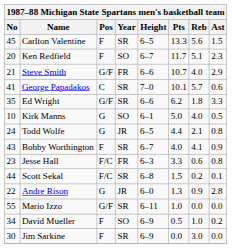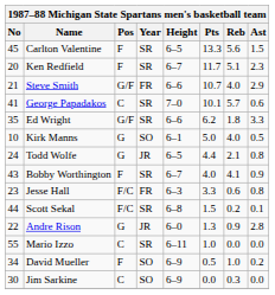 <table class="wikitable sortable" style="font-size: 90%" |->
 <tr>
 <th colspan=9 style=>1987–88 Michigan State Spartans men's basketball team</th>
 </tr>
 <tr>
 <th style="background:#">No</th>
 <th style="background:#">Name</th>
 <th style="background:#">Pos</th>
 <th style="background:#">Year</th>
 <th style="background:#">Height</th>
 <th style="background:#">Pts</th>
 <th style="background:#">Reb</th>
 <th style="background:#">Ast</th>
 </tr>
 <tr>
 <td>45</td>
 <td>Carlton Valentine</td>
 <td>F</td>
 <td>SR</td>
 <td>6–5</td>
 <td>13.3</td>
 <td>5.6</td>
 <td>1.5</td>
 </tr>
 <tr>
 <td>20</td>
 <td>Ken Redfield</td>
 <td>F</td>
-<td>SO</td>
+<td>SR</td>
 <td>6–7</td>
 <td>11.7</td>
 <td>5.1</td>
 <td>2.3</td>
 </tr>
 <tr>
 <td>21</td>
 <td><a href='#'>Steve Smith</a></td>
 <td>G/F</td>
 <td>FR</td>
 <td>6–6</td>
 <td>10.7</td>
 <td>4.0</td>
 <td>2.9</td>
 </tr>
 <tr>
 <td>41</td>
 <td><a href='#'>George Papadakos</a></td>
 <td>C</td>
 <td>SR</td>
 <td>7–0</td>
 <td>10.1</td>
 <td>5.7</td>
 <td>0.6</td>
 </tr>
 <tr>
 <td>35</td>
 <td>Ed Wright</td>
 <td>G/F</td>
 <td>SR</td>
 <td>6–6</td>
 <td>6.2</td>
 <td>1.8</td>
 <td>3.3</td>
 </tr>
 <tr>
 <td>10</td>
 <td>Kirk Manns</td>
 <td>G</td>
 <td>SO</td>
 <td>6–1</td>
 <td>5.0</td>
 <td>4.0</td>
 <td>0.5</td>
 </tr>
 <tr>
 <td>24</td>
 <td>Todd Wolfe</td>
 <td>G</td>
 <td>JR</td>
 <td>6–5</td>
 <td>4.4</td>
 <td>2.1</td>
 <td>0.8</td>
 </tr>
 <tr>
 <td>43</td>
 <td>Bobby Worthington</td>
 <td>F</td>
 <td>SR</td>
 <td>6–7</td>
 <td>4.0</td>
 <td>4.1</td>
 <td>0.9</td>
 </tr>
 <tr>
 <td>23</td>
 <td>Jesse Hall</td>
 <td>F/C</td>
 <td>FR</td>
 <td>6–3</td>
 <td>3.3</td>
 <td>0.6</td>
 <td>0.8</td>
 </tr>
 <tr>
 <td>44</td>
 <td>Scott Sekal</td>
 <td>F/C</td>
 <td>SR</td>
 <td>6–8</td>
 <td>1.5</td>
 <td>0.2</td>
 <td>0.1</td>
 </tr>
 <tr>
 <td>22</td>
 <td><a href='#'>Andre Rison</a></td>
 <td>G</td>
 <td>JR</td>
 <td>6–0</td>
 <td>1.3</td>
 <td>0.9</td>
 <td>2.8</td>
 </tr>
 <tr>
 <td>55</td>
 <td>Mario Izzo</td>
-<td>G/F</td>
+<td>C</td>
 <td>SR</td>
 <td>6–11</td>
 <td>1.0</td>
 <td>0.0</td>
 <td>0.0</td>
 </tr>
 <tr>
 <td>34</td>
 <td>David Mueller</td>
 <td>F</td>
 <td>SO</td>
 <td>6–9</td>
 <td>0.5</td>
 <td>1.0</td>
 <td>0.2</td>
 </tr>
 <tr>
 <td>30</td>
 <td>Jim Sarkine</td>
-<td>F</td>
-<td>SR</td>
+<td>C</td>
+<td>SO</td>
 <td>6–9</td>
 <td>0.0</td>
-<td>3.0</td>
+<td>0.3</td>
 <td>0.0</td>
 </tr>
 <tr>
 </tr>
 </table>
